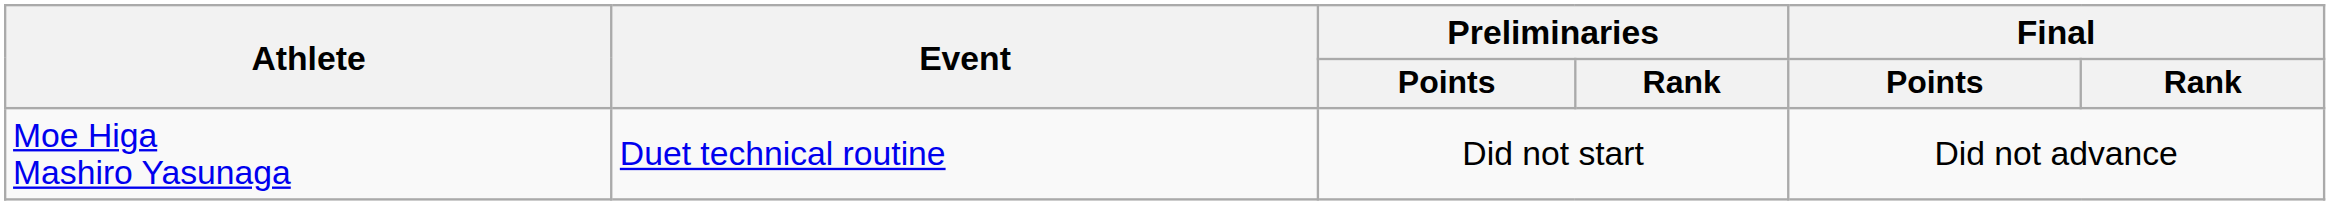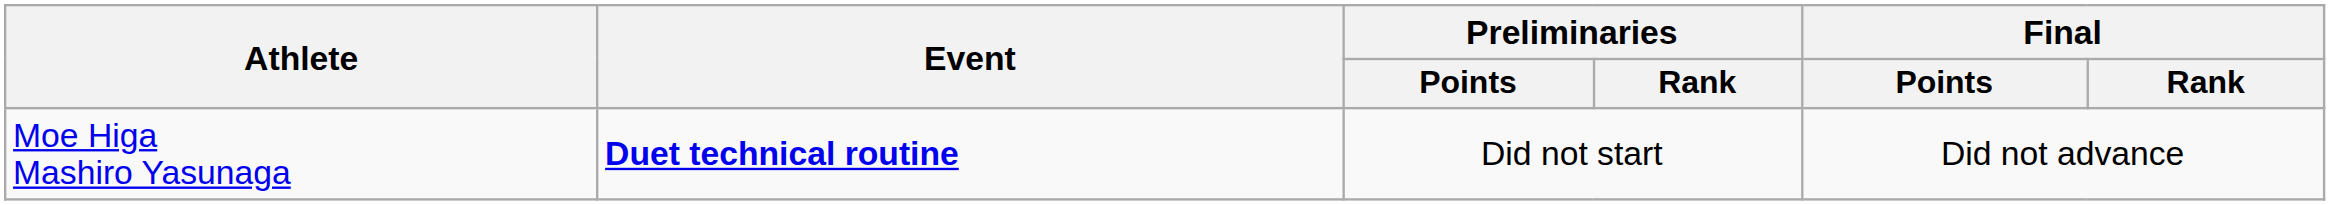 <table class="wikitable" style="text-align:center; font-size:90%; width:50%;">
 <tr>
 <th rowspan="2">Athlete</th>
 <th rowspan="2">Event</th>
 <th colspan="2">Preliminaries</th>
 <th colspan="2">Final</th>
 </tr>
 <tr style="font-size:95%">
 <th>Points</th>
 <th>Rank</th>
 <th>Points</th>
 <th>Rank</th>
 </tr>
 <tr>
 <td align=left><a href='#'>Moe Higa</a><br><a href='#'>Mashiro Yasunaga</a></td>
-<td align=left><a href='#'>Duet technical routine</a></td>
+<td align=left><strong><a href='#'>Duet technical routine</a></strong></td>
 <td colspan=2>Did not start</td>
 <td colspan=2>Did not advance</td>
 </tr>
 </table>
